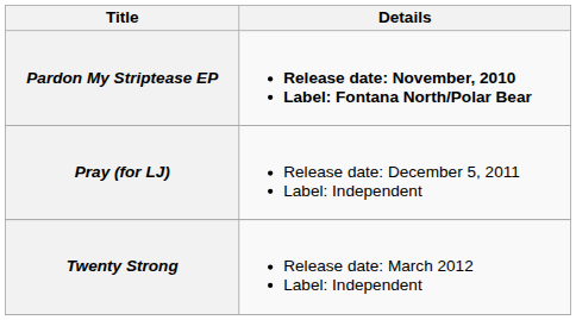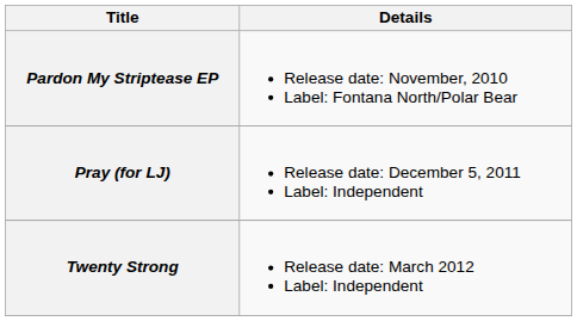 <table class="wikitable plainrowheaders">
 <tr>
 <th style="width:14em;">Title</th>
 <th style="width:20em;">Details</th>
 </tr>
 <tr>
 <th scope="row"><em>Pardon My Striptease EP</em></th>
-<td><strong><br><ul><li>Release date: November, 2010</li><li>Label: Fontana North/Polar Bear</li></ul></strong></td>
+<td><br><ul><li>Release date: November, 2010</li><li>Label: Fontana North/Polar Bear</li></ul></td>
 </tr>
 <tr>
 </tr>
 <tr>
 <th scope="row"><em>Pray (for LJ)</em></th>
 <td><br><ul><li>Release date: December 5, 2011</li><li>Label: Independent</li></ul></td>
 </tr>
 <tr>
 </tr>
 <tr>
 <th scope="row"><em>Twenty Strong</em></th>
 <td><br><ul><li>Release date: March 2012</li><li>Label: Independent</li></ul></td>
 </tr>
 <tr>
 </tr>
 </table>
